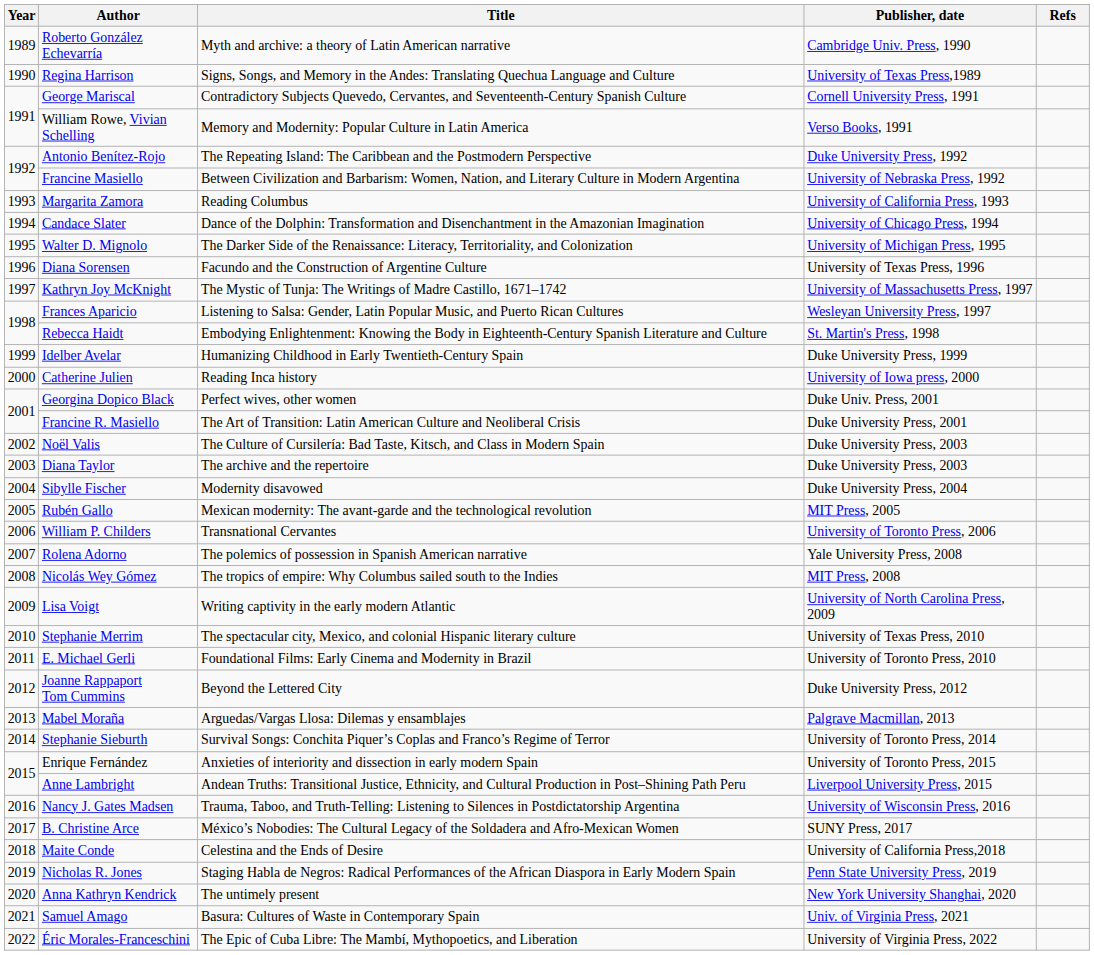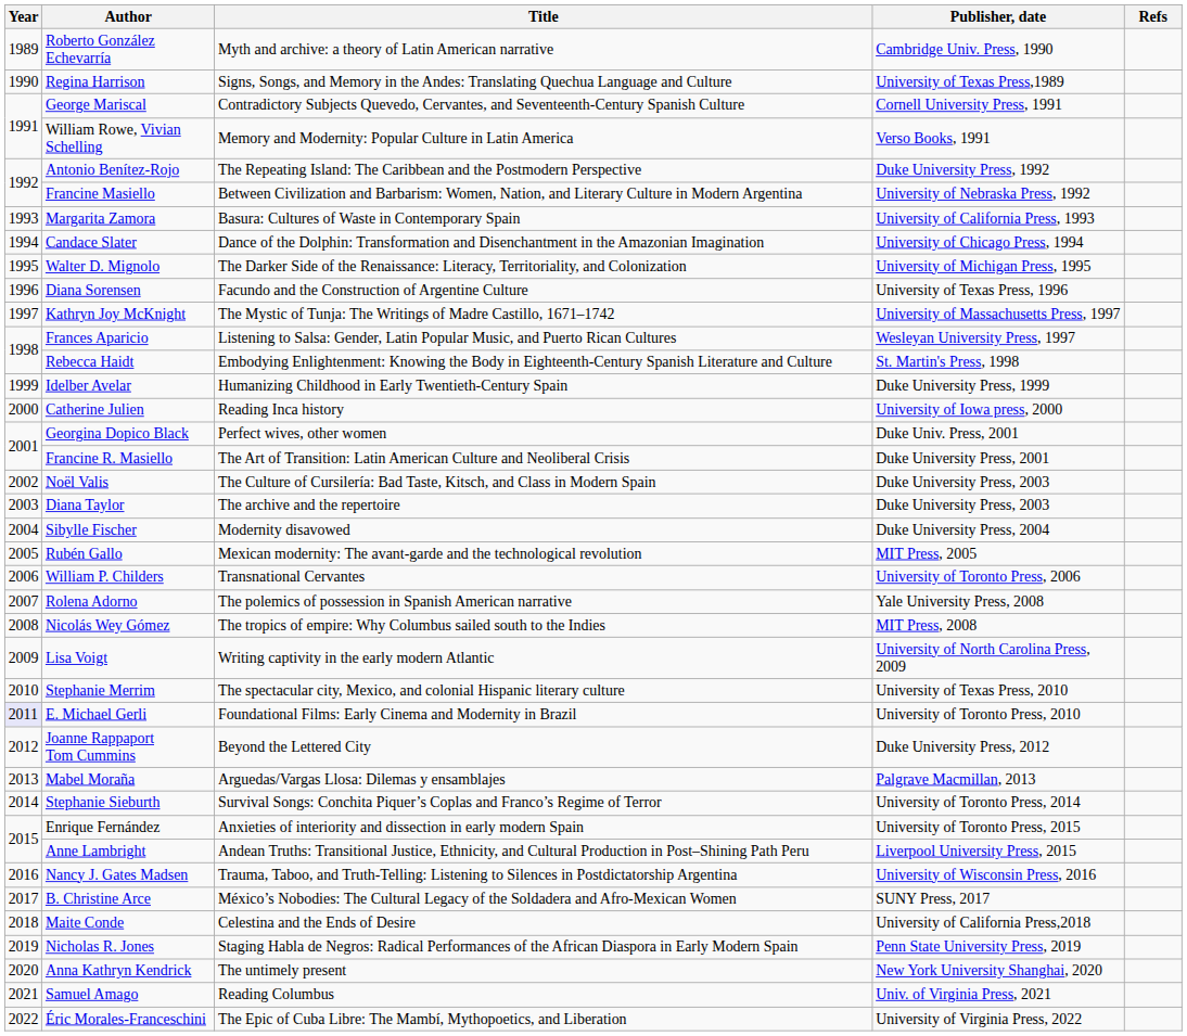 <table class="wikitable sortable" border="1" style="align:left;">
 <tr>
 <th>Year</th>
 <th width=15%>Author</th>
 <th width=58% class="unsortable">Title</th>
 <th width=22% class="unsortable">Publisher, date</th>
 <th width=5% class="unsortable">Refs</th>
 </tr>
 <tr>
 <td>1989</td>
 <td><a href='#'>Roberto González Echevarría</a></td>
 <td>Myth and archive: a theory of Latin American narrative</td>
 <td><a href='#'>Cambridge Univ. Press</a>, 1990</td>
 <td></td>
 </tr>
 <tr>
 <td>1990</td>
 <td><a href='#'>Regina Harrison</a></td>
 <td>Signs, Songs, and Memory in the Andes: Translating Quechua Language and Culture</td>
 <td><a href='#'>University of Texas Press</a>,1989</td>
 <td></td>
 </tr>
 <tr>
 <td rowspan="2">1991</td>
 <td><a href='#'>George Mariscal</a></td>
 <td>Contradictory Subjects Quevedo, Cervantes, and Seventeenth-Century Spanish Culture</td>
 <td><a href='#'>Cornell University Press</a>, 1991</td>
 <td></td>
 </tr>
 <tr>
 <td>William Rowe, <a href='#'>Vivian Schelling</a></td>
 <td>Memory and Modernity: Popular Culture in Latin America</td>
 <td><a href='#'>Verso Books</a>, 1991</td>
 <td></td>
 </tr>
 <tr>
 <td rowspan="2">1992</td>
 <td><a href='#'>Antonio Benítez-Rojo</a></td>
 <td>The Repeating Island: The Caribbean and the Postmodern Perspective</td>
 <td><a href='#'>Duke University Press</a>, 1992</td>
 <td></td>
 </tr>
 <tr>
 <td><a href='#'>Francine Masiello</a></td>
 <td>Between Civilization and Barbarism: Women, Nation, and Literary Culture in Modern Argentina</td>
 <td><a href='#'>University of Nebraska Press</a>, 1992</td>
 <td></td>
 </tr>
 <tr>
 <td>1993</td>
 <td><a href='#'>Margarita Zamora</a></td>
-<td>Reading Columbus</td>
+<td>Basura: Cultures of Waste in Contemporary Spain</td>
 <td><a href='#'>University of California Press</a>, 1993</td>
 <td></td>
 </tr>
 <tr>
 <td>1994</td>
 <td><a href='#'>Candace Slater</a></td>
 <td>Dance of the Dolphin: Transformation and Disenchantment in the Amazonian Imagination</td>
 <td><a href='#'>University of Chicago Press</a>, 1994</td>
 <td></td>
 </tr>
 <tr>
 <td>1995</td>
 <td><a href='#'>Walter D. Mignolo</a></td>
 <td>The Darker Side of the Renaissance: Literacy, Territoriality, and Colonization</td>
 <td><a href='#'>University of Michigan Press</a>, 1995</td>
 <td></td>
 </tr>
 <tr>
 <td>1996</td>
 <td><a href='#'>Diana Sorensen</a></td>
 <td>Facundo and the Construction of Argentine Culture</td>
 <td>University of Texas Press, 1996</td>
 <td></td>
 </tr>
 <tr>
 <td>1997</td>
 <td><a href='#'>Kathryn Joy McKnight</a></td>
 <td>The Mystic of Tunja: The Writings of Madre Castillo, 1671–1742</td>
 <td><a href='#'>University of Massachusetts Press</a>, 1997</td>
 <td></td>
 </tr>
 <tr>
 <td rowspan="2">1998</td>
 <td><a href='#'>Frances Aparicio</a></td>
 <td>Listening to Salsa: Gender, Latin Popular Music, and Puerto Rican Cultures</td>
 <td><a href='#'>Wesleyan University Press</a>, 1997</td>
 <td></td>
 </tr>
 <tr>
 <td><a href='#'>Rebecca Haidt</a></td>
 <td>Embodying Enlightenment: Knowing the Body in Eighteenth-Century Spanish Literature and Culture</td>
 <td><a href='#'>St. Martin's Press</a>, 1998</td>
 <td></td>
 </tr>
 <tr>
 <td>1999</td>
 <td><a href='#'>Idelber Avelar</a></td>
 <td>Humanizing Childhood in Early Twentieth-Century Spain</td>
 <td>Duke University Press, 1999</td>
 <td></td>
 </tr>
 <tr>
 <td>2000</td>
 <td><a href='#'>Catherine Julien</a></td>
 <td>Reading Inca history</td>
 <td><a href='#'>University of Iowa press</a>, 2000</td>
 <td></td>
 </tr>
 <tr>
 <td rowspan="2">2001</td>
 <td><a href='#'>Georgina Dopico Black</a></td>
 <td>Perfect wives, other women</td>
 <td>Duke Univ. Press, 2001</td>
 <td></td>
 </tr>
 <tr>
 <td><a href='#'>Francine R. Masiello</a></td>
 <td>The Art of Transition: Latin American Culture and Neoliberal Crisis</td>
 <td>Duke University Press, 2001</td>
 <td></td>
 </tr>
 <tr>
 <td>2002</td>
 <td><a href='#'>Noël Valis</a></td>
 <td>The Culture of Cursilería: Bad Taste, Kitsch, and Class in Modern Spain</td>
 <td>Duke University Press, 2003</td>
 <td></td>
 </tr>
 <tr>
 <td>2003</td>
 <td><a href='#'>Diana Taylor</a></td>
 <td>The archive and the repertoire</td>
 <td>Duke University Press, 2003</td>
 <td></td>
 </tr>
 <tr>
 <td>2004</td>
 <td><a href='#'>Sibylle Fischer</a></td>
 <td>Modernity disavowed</td>
 <td>Duke University Press, 2004</td>
 <td></td>
 </tr>
 <tr>
 <td>2005</td>
 <td><a href='#'>Rubén Gallo</a></td>
 <td>Mexican modernity: The avant-garde and the technological revolution</td>
 <td><a href='#'>MIT Press</a>, 2005</td>
 <td></td>
 </tr>
 <tr>
 <td>2006</td>
 <td><a href='#'>William P. Childers</a></td>
 <td>Transnational Cervantes</td>
 <td><a href='#'>University of Toronto Press</a>, 2006</td>
 <td></td>
 </tr>
 <tr>
 <td>2007</td>
 <td><a href='#'>Rolena Adorno</a></td>
 <td>The polemics of possession in Spanish American narrative</td>
 <td>Yale University Press, 2008</td>
 <td></td>
 </tr>
 <tr>
 <td>2008</td>
 <td><a href='#'>Nicolás Wey Gómez</a></td>
 <td>The tropics of empire: Why Columbus sailed south to the Indies</td>
 <td><a href='#'>MIT Press</a>, 2008</td>
 <td></td>
 </tr>
 <tr>
 <td>2009</td>
 <td><a href='#'>Lisa Voigt</a></td>
 <td>Writing captivity in the early modern Atlantic</td>
 <td><a href='#'>University of North Carolina Press</a>, 2009</td>
 <td></td>
 </tr>
 <tr>
 <td>2010</td>
 <td><a href='#'>Stephanie Merrim</a></td>
 <td>The spectacular city, Mexico, and colonial Hispanic literary culture</td>
 <td>University of Texas Press, 2010</td>
 <td></td>
 </tr>
 <tr>
-<td>2011</td>
+<td style="background: lavender;">2011</td>
 <td><a href='#'>E. Michael Gerli</a></td>
 <td>Foundational Films: Early Cinema and Modernity in Brazil</td>
 <td>University of Toronto Press, 2010</td>
 <td></td>
 </tr>
 <tr>
 <td>2012</td>
 <td><a href='#'>Joanne Rappaport</a><br><a href='#'>Tom Cummins</a></td>
 <td>Beyond the Lettered City</td>
 <td>Duke University Press, 2012</td>
 <td></td>
 </tr>
 <tr>
 <td>2013</td>
 <td><a href='#'>Mabel Moraña</a></td>
 <td>Arguedas/Vargas Llosa: Dilemas y ensamblajes</td>
 <td><a href='#'>Palgrave Macmillan</a>, 2013</td>
 <td></td>
 </tr>
 <tr>
 <td>2014</td>
 <td><a href='#'>Stephanie Sieburth</a></td>
 <td>Survival Songs: Conchita Piquer’s Coplas and Franco’s Regime of Terror</td>
 <td>University of Toronto Press, 2014</td>
 <td></td>
 </tr>
 <tr>
 <td rowspan="2">2015</td>
 <td>Enrique Fernández</td>
 <td>Anxieties of interiority and dissection in early modern Spain</td>
 <td>University of Toronto Press, 2015</td>
 <td></td>
 </tr>
 <tr>
 <td><a href='#'>Anne Lambright</a></td>
 <td>Andean Truths: Transitional Justice, Ethnicity, and Cultural Production in Post–Shining Path Peru</td>
 <td><a href='#'>Liverpool University Press</a>, 2015</td>
 <td></td>
 </tr>
 <tr>
 <td>2016</td>
 <td><a href='#'>Nancy J. Gates Madsen</a></td>
 <td>Trauma, Taboo, and Truth-Telling: Listening to Silences in Postdictatorship Argentina</td>
 <td><a href='#'>University of Wisconsin Press</a>, 2016</td>
 <td></td>
 </tr>
 <tr>
 <td>2017</td>
 <td><a href='#'>B. Christine Arce</a></td>
 <td>México’s Nobodies: The Cultural Legacy of the Soldadera and Afro-Mexican Women</td>
 <td>SUNY Press, 2017</td>
 <td></td>
 </tr>
 <tr>
 <td>2018</td>
 <td><a href='#'>Maite Conde</a></td>
 <td>Celestina and the Ends of Desire</td>
 <td>University of California Press,2018</td>
 <td></td>
 </tr>
 <tr>
 <td>2019</td>
 <td><a href='#'>Nicholas R. Jones</a></td>
 <td>Staging Habla de Negros: Radical Performances of the African Diaspora in Early Modern Spain</td>
 <td><a href='#'>Penn State University Press</a>, 2019</td>
 <td></td>
 </tr>
 <tr>
 <td>2020</td>
 <td><a href='#'>Anna Kathryn Kendrick</a></td>
 <td>The untimely present</td>
 <td><a href='#'>New York University Shanghai</a>, 2020</td>
 <td></td>
 </tr>
 <tr>
 <td>2021</td>
 <td><a href='#'>Samuel Amago</a></td>
-<td>Basura: Cultures of Waste in Contemporary Spain</td>
+<td>Reading Columbus</td>
 <td><a href='#'>Univ. of Virginia Press</a>, 2021</td>
 <td></td>
 </tr>
 <tr>
 <td>2022</td>
 <td><a href='#'>Éric Morales-Franceschini</a></td>
 <td>The Epic of Cuba Libre: The Mambí, Mythopoetics, and Liberation</td>
 <td>University of Virginia Press, 2022</td>
 <td></td>
 </tr>
 </table>
